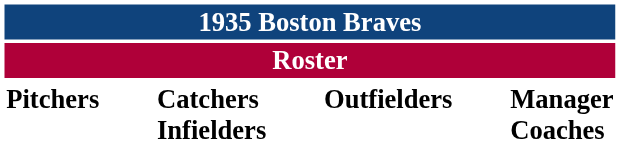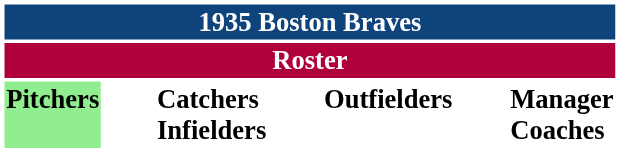 <table class="toccolours" style="font-size: 95%;">
 <tr>
 <th colspan="10" style="background-color: #0f437c; color: white; text-align: center;">1935 Boston Braves</th>
 </tr>
 <tr>
 <td colspan="10" style="background-color: #af0039; color: white; text-align: center;"><strong>Roster</strong></td>
 </tr>
 <tr>
-<td valign="top"><strong>Pitchers</strong><br>          </td>
+<td valign="top" style="background: lightgreen;"><strong>Pitchers</strong><br>          </td>
 <td width="25px"></td>
 <td valign="top"><strong>Catchers</strong><br>     <strong>Infielders</strong>          </td>
 <td width="25px"></td>
 <td valign="top"><strong>Outfielders</strong><br>      </td>
 <td width="25px"></td>
 <td valign="top"><strong>Manager</strong><br> <strong>Coaches</strong>  </td>
 </tr>
 </table>
